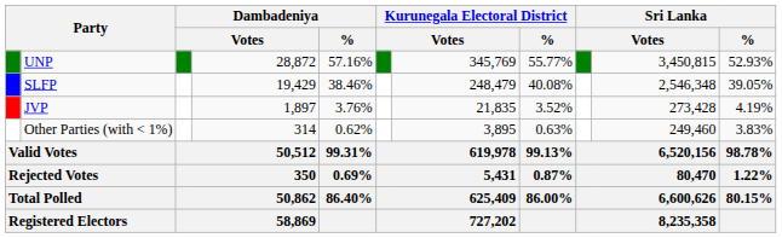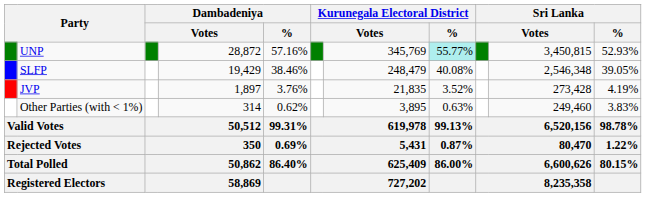 <table class="wikitable">
 <tr>
 <th colspan="2" width="144px"rowspan="2">Party</th>
 <th colspan="3" width="216px">Dambadeniya</th>
 <th colspan="3" width="216px"><a href='#'>Kurunegala Electoral District</a></th>
 <th colspan="3" width="216px">Sri Lanka</th>
 </tr>
 <tr>
 <th colspan="2" width="144px">Votes</th>
 <th>%</th>
 <th colspan="2" width="144px">Votes</th>
 <th>%</th>
 <th colspan="2" width="144px">Votes</th>
 <th>%</th>
 </tr>
 <tr>
 <td style="background-color:green;" width="10px"></td>
 <td style="text-align:left;"><a href='#'>UNP</a></td>
 <td style="background-color:green;" width="10px"></td>
 <td style="text-align:right;">28,872</td>
 <td style="text-align:right;">57.16%</td>
 <td style="background-color:green;" width="10px"></td>
 <td style="text-align:right;">345,769</td>
-<td style="text-align:right;">55.77%</td>
+<td style="background: paleturquoise; text-align:right;">55.77%</td>
 <td style="background-color:green;" width="10px"></td>
 <td style="text-align:right;">3,450,815</td>
 <td style="text-align:right;">52.93%</td>
 </tr>
 <tr>
 <td style="background-color:blue;" width="10px"></td>
 <td style="text-align:left;"><a href='#'>SLFP</a></td>
 <td style="background-color:white;" width="10px"></td>
 <td style="text-align:right;">19,429</td>
 <td style="text-align:right;">38.46%</td>
 <td style="background-color:white;" width="10px"></td>
 <td style="text-align:right;">248,479</td>
 <td style="text-align:right;">40.08%</td>
 <td style="background-color:white;" width="10px"></td>
 <td style="text-align:right;">2,546,348</td>
 <td style="text-align:right;">39.05%</td>
 </tr>
 <tr>
 <td style="background-color:red;" width="10px"></td>
 <td style="text-align:left;"><a href='#'>JVP</a></td>
 <td style="background-color:white;" width="10px"></td>
 <td style="text-align:right;">1,897</td>
 <td style="text-align:right;">3.76%</td>
 <td style="background-color:white;" width="10px"></td>
 <td style="text-align:right;">21,835</td>
 <td style="text-align:right;">3.52%</td>
 <td style="background-color:white;" width="10px"></td>
 <td style="text-align:right;">273,428</td>
 <td style="text-align:right;">4.19%</td>
 </tr>
 <tr>
 <td style="background-color:white;" width="10px"></td>
 <td style="text-align:left;">Other Parties (with < 1%)</td>
 <td style="background-color:white;" width="10px"></td>
 <td style="text-align:right;">314</td>
 <td style="text-align:right;">0.62%</td>
 <td style="background-color:white;" width="10px"></td>
 <td style="text-align:right;">3,895</td>
 <td style="text-align:right;">0.63%</td>
 <td style="background-color:white;" width="10px"></td>
 <td style="text-align:right;">249,460</td>
 <td style="text-align:right;">3.83%</td>
 </tr>
 <tr>
 <th colspan="2" width="144px"style="text-align:left;">Valid Votes</th>
 <th style="text-align:right;"colspan="2" width="144px">50,512</th>
 <th style="text-align:right;">99.31%</th>
 <th style="text-align:right;"colspan="2" width="144px">619,978</th>
 <th style="text-align:right;">99.13%</th>
 <th style="text-align:right;"colspan="2" width="144px">6,520,156</th>
 <th style="text-align:right;">98.78%</th>
 </tr>
 <tr>
 <th colspan="2" width="144px"style="text-align:left;">Rejected Votes</th>
 <th style="text-align:right;"colspan="2" width="144px">350</th>
 <th style="text-align:right;">0.69%</th>
 <th style="text-align:right;"colspan="2" width="144px">5,431</th>
 <th style="text-align:right;">0.87%</th>
 <th style="text-align:right;"colspan="2" width="144px">80,470</th>
 <th style="text-align:right;">1.22%</th>
 </tr>
 <tr>
 <th colspan="2" width="144px"style="text-align:left;">Total Polled</th>
 <th style="text-align:right;"colspan="2" width="144px">50,862</th>
 <th style="text-align:right;">86.40%</th>
 <th style="text-align:right;"colspan="2" width="144px">625,409</th>
 <th style="text-align:right;">86.00%</th>
 <th style="text-align:right;"colspan="2" width="144px">6,600,626</th>
 <th style="text-align:right;">80.15%</th>
 </tr>
 <tr>
 <th colspan="2" width="144px"style="text-align:left;">Registered Electors</th>
 <th style="text-align:right;"colspan="2" width="144px">58,869</th>
 <th></th>
 <th style="text-align:right;"colspan="2" width="144px">727,202</th>
 <th></th>
 <th style="text-align:right;"colspan="2" width="144px">8,235,358</th>
 <th></th>
 </tr>
 </table>
